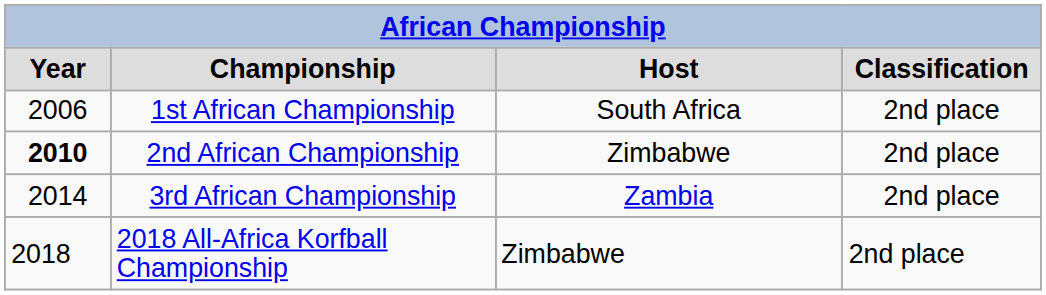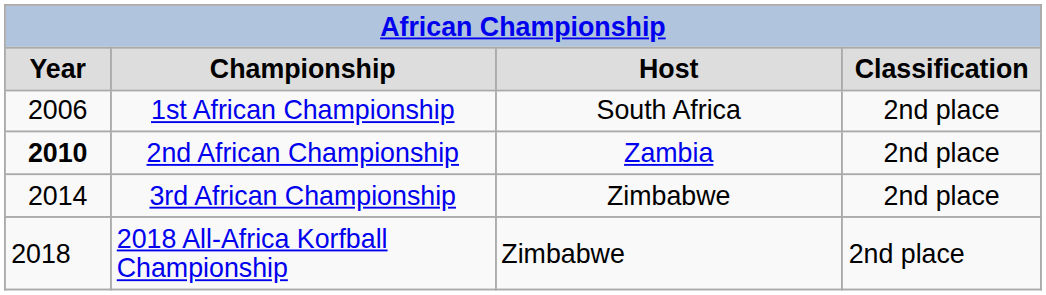 <table class="wikitable" style=font-size:90%>
 <tr align=center style="background:#B0C4DE;">
 <td colspan=4><strong><a href='#'>African Championship</a></strong></td>
 </tr>
 <tr align=center bgcolor="#dddddd">
 <td width=50><strong>Year</strong></td>
 <td width=200><strong>Championship</strong></td>
 <td width=180><strong>Host</strong></td>
 <td width=100><strong>Classification</strong></td>
 </tr>
 <tr align=center>
 <td>2006</td>
 <td><a href='#'>1st African Championship</a></td>
 <td>South Africa</td>
 <td align="center">2nd place</td>
 </tr>
 <tr align=center>
 <td><strong>2010</strong></td>
 <td><a href='#'>2nd African Championship</a></td>
-<td>Zimbabwe</td>
+<td><a href='#'>Zambia</a></td>
 <td align="center">2nd place</td>
 </tr>
 <tr align=center>
 <td>2014</td>
 <td><a href='#'>3rd African Championship</a></td>
-<td><a href='#'>Zambia</a></td>
+<td>Zimbabwe</td>
 <td align="center">2nd place</td>
 </tr>
 <tr>
 <td>2018</td>
 <td><a href='#'>2018 All-Africa Korfball Championship</a></td>
 <td>Zimbabwe</td>
 <td>2nd place</td>
 </tr>
 </table>
